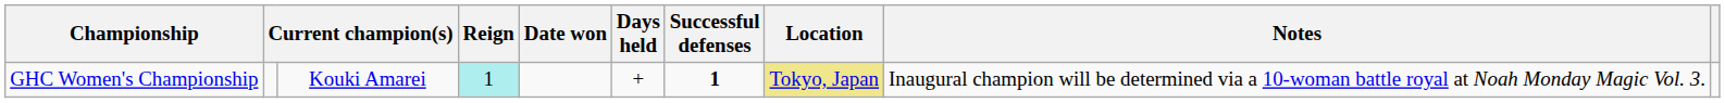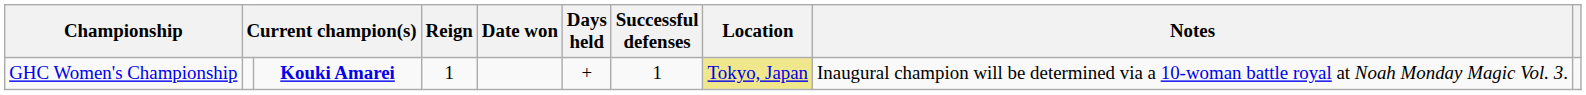 <table class="wikitable" style="text-align:center; font-size:85%;">
 <tr>
 <th>Championship</th>
 <th colspan="2">Current champion(s)</th>
 <th>Reign</th>
 <th>Date won</th>
 <th>Days<br>held</th>
 <th>Successful<br>defenses</th>
 <th>Location</th>
 <th>Notes</th>
 <th class="unsortable"></th>
 </tr>
 <tr>
 <td><a href='#'>GHC Women's Championship</a></td>
 <td></td>
-<td><a href='#'>Kouki Amarei</a></td>
-<td style="background: paleturquoise;">1</td>
+<td><strong><a href='#'>Kouki Amarei</a></strong></td>
+<td>1</td>
 <td></td>
 <td>+</td>
-<td><strong>1</strong></td>
+<td>1</td>
 <td style="background: khaki;"><a href='#'>Tokyo, Japan</a></td>
 <td align=left>Inaugural champion will be determined via a <a href='#'>10-woman battle royal</a> at <em>Noah Monday Magic Vol. 3</em>.</td>
 <td></td>
 </tr>
 </table>
